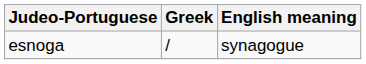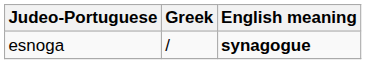 <table class="wikitable">
 <tr>
 <th>Judeo-Portuguese</th>
 <th>Greek</th>
 <th>English meaning</th>
 </tr>
 <tr>
 <td>esnoga</td>
 <td>/</td>
-<td>synagogue</td>
+<td><strong>synagogue</strong></td>
 </tr>
 <tr>
 </tr>
 </table>
